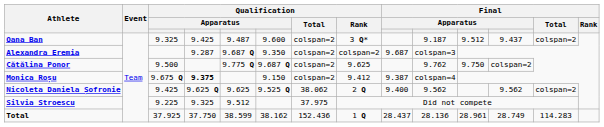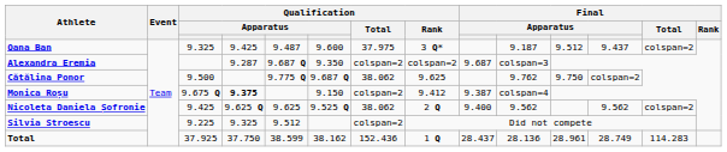 <table class="wikitable" style="font-size:90%">
 <tr>
 <th rowspan=3>Athlete</th>
 <th rowspan=3>Event</th>
 <th colspan=6>Qualification</th>
 <th colspan=6>Final</th>
 </tr>
 <tr style="font-size:95%">
 <th colspan=4>Apparatus</th>
 <th rowspan=2>Total</th>
 <th rowspan=2>Rank</th>
 <th colspan=4>Apparatus</th>
 <th rowspan=2>Total</th>
 <th rowspan=2>Rank</th>
 </tr>
 <tr style="font-size:95%">
 <th></th>
 <th></th>
 <th></th>
 <th></th>
 <th></th>
 <th></th>
 <th></th>
 <th></th>
 </tr>
 <tr align=center>
 <td align=left><strong><a href='#'>Oana Ban</a></strong></td>
 <td align=left rowspan=7><a href='#'>Team</a></td>
 <td>9.325</td>
 <td>9.425</td>
 <td>9.487</td>
 <td>9.600</td>
-<td>colspan=2 </td>
+<td>37.975</td>
 <td>3 <strong>Q</strong>*</td>
 <td></td>
 <td>9.187</td>
 <td>9.512</td>
 <td>9.437</td>
 <td>colspan=2 </td>
 </tr>
 <tr align=center>
 <td align=left><strong><a href='#'>Alexandra Eremia</a></strong></td>
 <td></td>
 <td>9.287</td>
 <td>9.687 <strong>Q</strong></td>
 <td>9.350</td>
 <td>colspan=2 </td>
 <td>colspan=2 </td>
 <td>9.687</td>
 <td>colspan=3 </td>
 </tr>
 <tr align=center>
 <td align=left><strong><a href='#'>Cătălina Ponor</a></strong></td>
 <td>9.500</td>
 <td></td>
 <td>9.775 <strong>Q</strong></td>
 <td>9.687 <strong>Q</strong></td>
-<td>colspan=2 </td>
+<td>38.062</td>
 <td>9.625</td>
 <td></td>
 <td>9.762</td>
 <td>9.750</td>
 <td>colspan=2 </td>
 </tr>
 <tr align=center>
 <td align=left><strong><a href='#'>Monica Roșu</a></strong></td>
 <td>9.675 <strong>Q</strong></td>
 <td><strong>9.375</strong></td>
 <td></td>
 <td>9.150</td>
 <td>colspan=2 </td>
 <td>9.412</td>
 <td>9.387</td>
 <td>colspan=4 </td>
 </tr>
 <tr align=center>
 <td align=left><strong><a href='#'>Nicoleta Daniela Șofronie</a></strong></td>
 <td>9.425</td>
 <td>9.625 <strong>Q</strong></td>
 <td>9.625</td>
 <td>9.525 <strong>Q</strong></td>
 <td>38.062</td>
 <td>2 <strong>Q</strong></td>
 <td>9.400</td>
 <td>9.562</td>
 <td></td>
 <td>9.562</td>
 <td>colspan=2 </td>
 </tr>
 <tr align=center>
 <td align=left><strong><a href='#'>Silvia Stroescu</a></strong></td>
 <td>9.225</td>
 <td>9.325</td>
 <td>9.512</td>
 <td></td>
-<td>37.975</td>
+<td>colspan=2 </td>
 <td colspan=6>Did not compete</td>
 </tr>
 <tr align=center>
 <td align=left><strong>Total</strong></td>
 <td>37.925</td>
 <td>37.750</td>
 <td>38.599</td>
 <td>38.162</td>
 <td>152.436</td>
 <td>1 <strong>Q</strong></td>
 <td>28.437</td>
 <td>28.136</td>
 <td>28.961</td>
 <td>28.749</td>
 <td>114.283</td>
 <td></td>
 </tr>
 </table>
